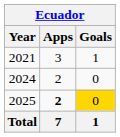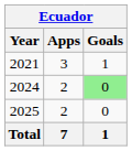 <table class="wikitable" style="text-align:center">
 <tr>
 <th colspan=4><a href='#'>Ecuador</a></th>
 </tr>
 <tr>
 <th>Year</th>
 <th>Apps</th>
 <th>Goals</th>
 </tr>
 <tr>
 <td>2021</td>
 <td>3</td>
 <td>1</td>
 </tr>
 <tr>
 <td>2024</td>
 <td>2</td>
-<td>0</td>
+<td style="background: lightgreen;">0</td>
 </tr>
 <tr>
 <td>2025</td>
-<td><strong>2</strong></td>
-<td style="background: gold;">0</td>
+<td>2</td>
+<td>0</td>
 </tr>
 <tr>
 <th>Total</th>
 <th>7</th>
 <th>1</th>
 </tr>
 </table>
